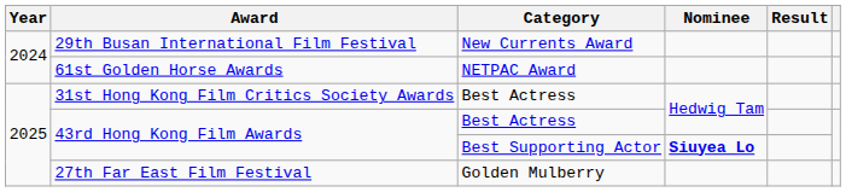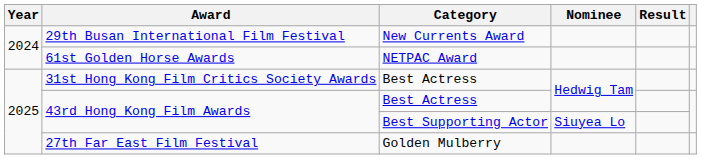 <table class="wikitable plainrowheaders">
 <tr>
 <th>Year</th>
 <th>Award</th>
 <th>Category</th>
 <th>Nominee</th>
 <th>Result</th>
 <th></th>
 </tr>
 <tr>
 <td rowspan="2">2024</td>
 <td><a href='#'>29th Busan International Film Festival</a></td>
 <td><a href='#'>New Currents Award</a></td>
 <td></td>
 <td></td>
 <td></td>
 </tr>
 <tr>
 <td><a href='#'>61st Golden Horse Awards</a></td>
 <td><a href='#'>NETPAC Award</a></td>
 <td></td>
 <td></td>
 <td></td>
 </tr>
 <tr>
 <td rowspan="4">2025</td>
 <td><a href='#'>31st Hong Kong Film Critics Society Awards</a></td>
 <td>Best Actress</td>
 <td rowspan="2"><a href='#'>Hedwig Tam</a></td>
 <td></td>
 <td></td>
 </tr>
 <tr>
 <td rowspan="2"><a href='#'>43rd Hong Kong Film Awards</a></td>
 <td><a href='#'>Best Actress</a></td>
 <td></td>
 <td rowspan="2"></td>
 </tr>
 <tr>
 <td><a href='#'>Best Supporting Actor</a></td>
-<td><strong><a href='#'>Siuyea Lo</a></strong></td>
+<td><a href='#'>Siuyea Lo</a></td>
 <td></td>
 </tr>
 <tr>
 <td><a href='#'>27th Far East Film Festival</a></td>
 <td>Golden Mulberry</td>
 <td></td>
 <td></td>
 <td></td>
 </tr>
 </table>
